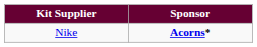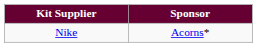 <table class="wikitable" style="text-align:center; font-size:90%; ">
 <tr>
 <th style="background:#660033;color:#FFFFFF; width:150px;">Kit Supplier</th>
 <th style="background:#660033;color:#FFFFFF; width:150px;">Sponsor</th>
 </tr>
 <tr>
 <td><a href='#'>Nike</a></td>
-<td><strong><a href='#'>Acorns</a>*</strong></td>
+<td><a href='#'>Acorns</a>*</td>
 </tr>
 </table>
